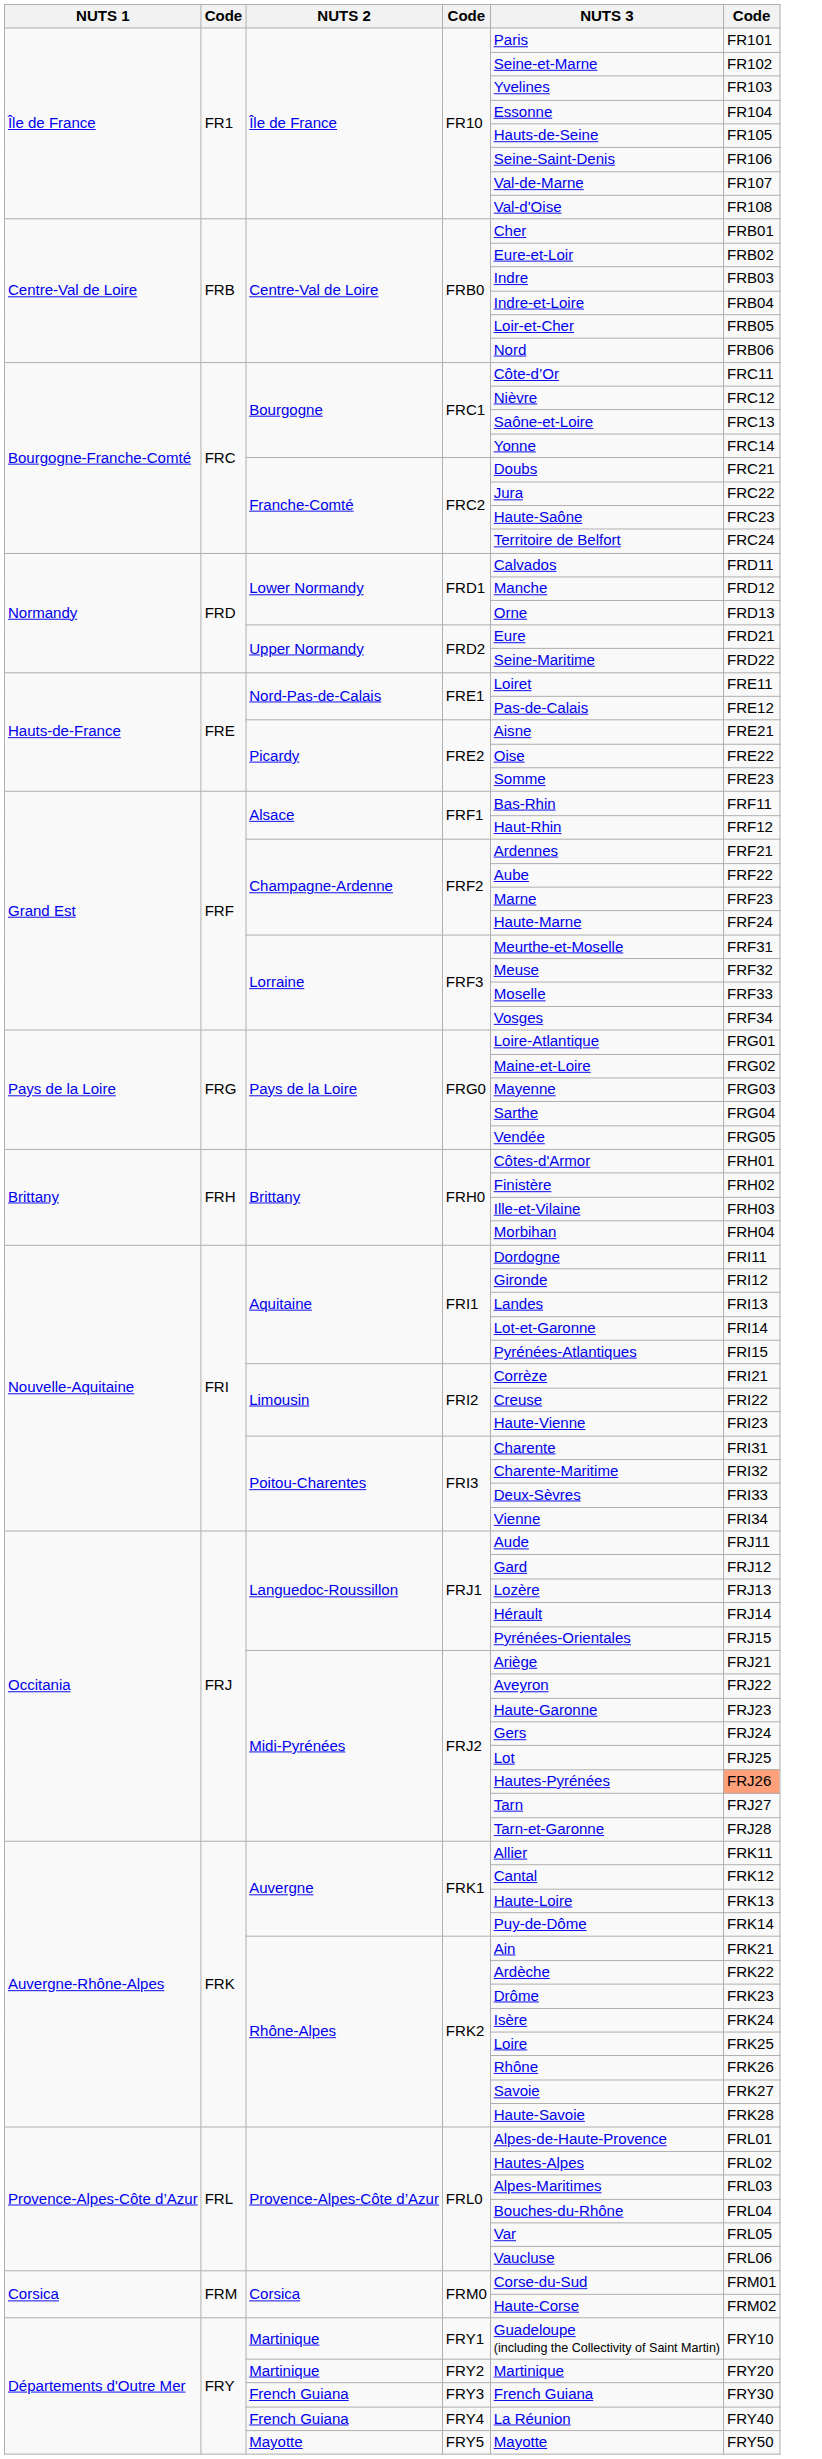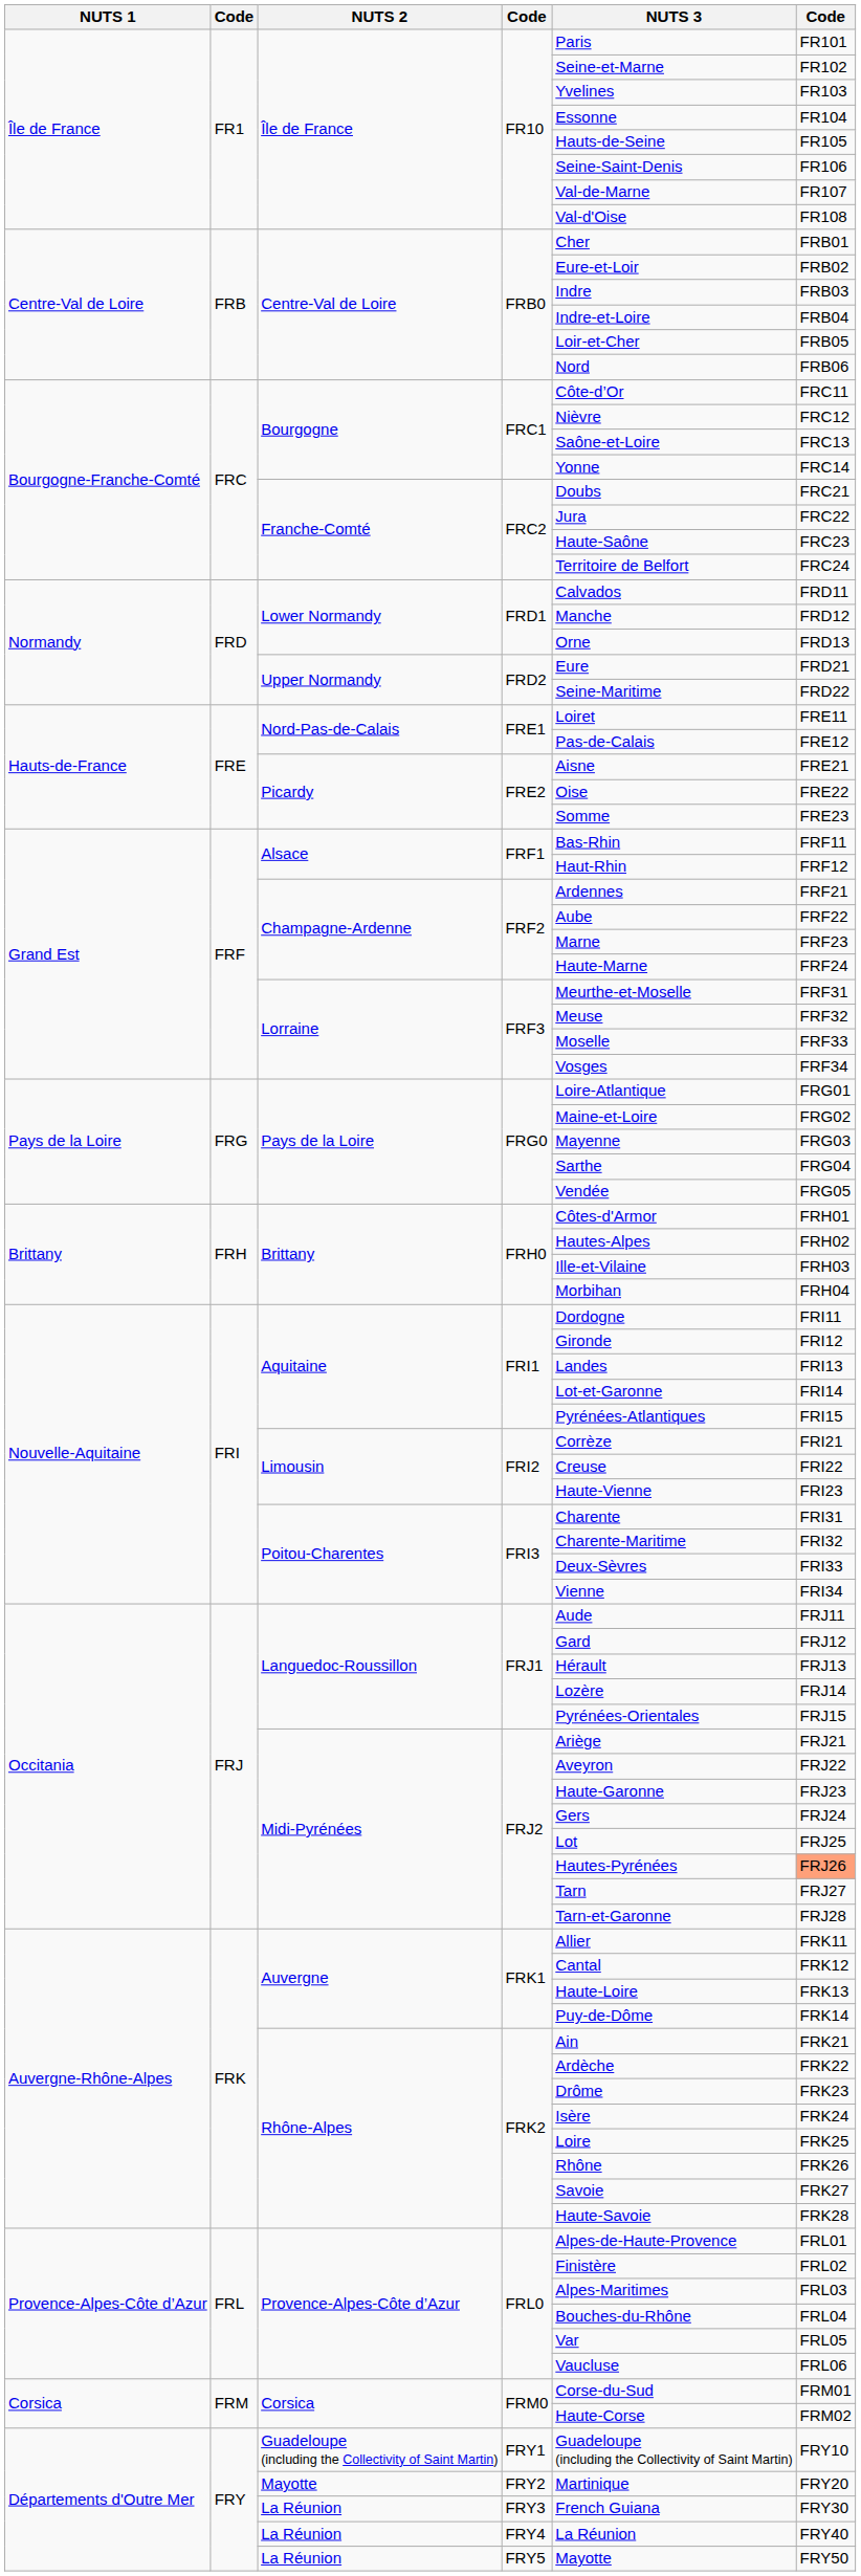 <table class="wikitable">
 <tr>
 <th>NUTS 1</th>
 <th>Code</th>
 <th>NUTS 2</th>
 <th>Code</th>
 <th>NUTS 3</th>
 <th>Code</th>
 </tr>
 <tr>
 <td rowspan=8><a href='#'>Île de France</a></td>
 <td rowspan=8>FR1</td>
 <td rowspan=8><a href='#'>Île de France</a></td>
 <td rowspan=8>FR10</td>
 <td><a href='#'>Paris</a></td>
 <td>FR101</td>
 </tr>
 <tr>
 <td><a href='#'>Seine-et-Marne</a></td>
 <td>FR102</td>
 </tr>
 <tr>
 <td><a href='#'>Yvelines</a></td>
 <td>FR103</td>
 </tr>
 <tr>
 <td><a href='#'>Essonne</a></td>
 <td>FR104</td>
 </tr>
 <tr>
 <td><a href='#'>Hauts-de-Seine</a></td>
 <td>FR105</td>
 </tr>
 <tr>
 <td><a href='#'>Seine-Saint-Denis</a></td>
 <td>FR106</td>
 </tr>
 <tr>
 <td><a href='#'>Val-de-Marne</a></td>
 <td>FR107</td>
 </tr>
 <tr>
 <td><a href='#'>Val-d'Oise</a></td>
 <td>FR108</td>
 </tr>
 <tr>
 <td rowspan=6><a href='#'>Centre-Val de Loire</a></td>
 <td rowspan=6>FRB</td>
 <td rowspan=6><a href='#'>Centre-Val de Loire</a></td>
 <td rowspan=6>FRB0</td>
 <td><a href='#'>Cher</a></td>
 <td>FRB01</td>
 </tr>
 <tr>
 <td><a href='#'>Eure-et-Loir</a></td>
 <td>FRB02</td>
 </tr>
 <tr>
 <td><a href='#'>Indre</a></td>
 <td>FRB03</td>
 </tr>
 <tr>
 <td><a href='#'>Indre-et-Loire</a></td>
 <td>FRB04</td>
 </tr>
 <tr>
 <td><a href='#'>Loir-et-Cher</a></td>
 <td>FRB05</td>
 </tr>
 <tr>
 <td><a href='#'>Nord</a></td>
 <td>FRB06</td>
 </tr>
 <tr>
 <td rowspan=8><a href='#'>Bourgogne-Franche-Comté</a></td>
 <td rowspan=8>FRC</td>
 <td rowspan=4><a href='#'>Bourgogne</a></td>
 <td rowspan=4>FRC1</td>
 <td><a href='#'>Côte-d’Or</a></td>
 <td>FRC11</td>
 </tr>
 <tr>
 <td><a href='#'>Nièvre</a></td>
 <td>FRC12</td>
 </tr>
 <tr>
 <td><a href='#'>Saône-et-Loire</a></td>
 <td>FRC13</td>
 </tr>
 <tr>
 <td><a href='#'>Yonne</a></td>
 <td>FRC14</td>
 </tr>
 <tr>
 <td rowspan=4><a href='#'>Franche-Comté</a></td>
 <td rowspan=4>FRC2</td>
 <td><a href='#'>Doubs</a></td>
 <td>FRC21</td>
 </tr>
 <tr>
 <td><a href='#'>Jura</a></td>
 <td>FRC22</td>
 </tr>
 <tr>
 <td><a href='#'>Haute-Saône</a></td>
 <td>FRC23</td>
 </tr>
 <tr>
 <td><a href='#'>Territoire de Belfort</a></td>
 <td>FRC24</td>
 </tr>
 <tr>
 <td rowspan=5><a href='#'>Normandy</a></td>
 <td rowspan=5>FRD</td>
 <td rowspan=3><a href='#'>Lower Normandy</a></td>
 <td rowspan=3>FRD1</td>
 <td><a href='#'>Calvados</a></td>
 <td>FRD11</td>
 </tr>
 <tr>
 <td><a href='#'>Manche</a></td>
 <td>FRD12</td>
 </tr>
 <tr>
 <td><a href='#'>Orne</a></td>
 <td>FRD13</td>
 </tr>
 <tr>
 <td rowspan=2><a href='#'>Upper Normandy</a></td>
 <td rowspan=2>FRD2</td>
 <td><a href='#'>Eure</a></td>
 <td>FRD21</td>
 </tr>
 <tr>
 <td><a href='#'>Seine-Maritime</a></td>
 <td>FRD22</td>
 </tr>
 <tr>
 <td rowspan=5><a href='#'>Hauts-de-France</a></td>
 <td rowspan=5>FRE</td>
 <td rowspan=2><a href='#'>Nord-Pas-de-Calais</a></td>
 <td rowspan=2>FRE1</td>
 <td><a href='#'>Loiret</a></td>
 <td>FRE11</td>
 </tr>
 <tr>
 <td><a href='#'>Pas-de-Calais</a></td>
 <td>FRE12</td>
 </tr>
 <tr>
 <td rowspan=3><a href='#'>Picardy</a></td>
 <td rowspan=3>FRE2</td>
 <td><a href='#'>Aisne</a></td>
 <td>FRE21</td>
 </tr>
 <tr>
 <td><a href='#'>Oise</a></td>
 <td>FRE22</td>
 </tr>
 <tr>
 <td><a href='#'>Somme</a></td>
 <td>FRE23</td>
 </tr>
 <tr>
 <td rowspan=10><a href='#'>Grand Est</a></td>
 <td rowspan=10>FRF</td>
 <td rowspan=2><a href='#'>Alsace</a></td>
 <td rowspan=2>FRF1</td>
 <td><a href='#'>Bas-Rhin</a></td>
 <td>FRF11</td>
 </tr>
 <tr>
 <td><a href='#'>Haut-Rhin</a></td>
 <td>FRF12</td>
 </tr>
 <tr>
 <td rowspan=4><a href='#'>Champagne-Ardenne</a></td>
 <td rowspan=4>FRF2</td>
 <td><a href='#'>Ardennes</a></td>
 <td>FRF21</td>
 </tr>
 <tr>
 <td><a href='#'>Aube</a></td>
 <td>FRF22</td>
 </tr>
 <tr>
 <td><a href='#'>Marne</a></td>
 <td>FRF23</td>
 </tr>
 <tr>
 <td><a href='#'>Haute-Marne</a></td>
 <td>FRF24</td>
 </tr>
 <tr>
 <td rowspan=4><a href='#'>Lorraine</a></td>
 <td rowspan=4>FRF3</td>
 <td><a href='#'>Meurthe-et-Moselle</a></td>
 <td>FRF31</td>
 </tr>
 <tr>
 <td><a href='#'>Meuse</a></td>
 <td>FRF32</td>
 </tr>
 <tr>
 <td><a href='#'>Moselle</a></td>
 <td>FRF33</td>
 </tr>
 <tr>
 <td><a href='#'>Vosges</a></td>
 <td>FRF34</td>
 </tr>
 <tr>
 <td rowspan=5><a href='#'>Pays de la Loire</a></td>
 <td rowspan=5>FRG</td>
 <td rowspan=5><a href='#'>Pays de la Loire</a></td>
 <td rowspan=5>FRG0</td>
 <td><a href='#'>Loire-Atlantique</a></td>
 <td>FRG01</td>
 </tr>
 <tr>
 <td><a href='#'>Maine-et-Loire</a></td>
 <td>FRG02</td>
 </tr>
 <tr>
 <td><a href='#'>Mayenne</a></td>
 <td>FRG03</td>
 </tr>
 <tr>
 <td><a href='#'>Sarthe</a></td>
 <td>FRG04</td>
 </tr>
 <tr>
 <td><a href='#'>Vendée</a></td>
 <td>FRG05</td>
 </tr>
 <tr>
 <td rowspan=4><a href='#'>Brittany</a></td>
 <td rowspan=4>FRH</td>
 <td rowspan=4><a href='#'>Brittany</a></td>
 <td rowspan=4>FRH0</td>
 <td><a href='#'>Côtes-d'Armor</a></td>
 <td>FRH01</td>
 </tr>
 <tr>
-<td><a href='#'>Finistère</a></td>
+<td><a href='#'>Hautes-Alpes</a></td>
 <td>FRH02</td>
 </tr>
 <tr>
 <td><a href='#'>Ille-et-Vilaine</a></td>
 <td>FRH03</td>
 </tr>
 <tr>
 <td><a href='#'>Morbihan</a></td>
 <td>FRH04</td>
 </tr>
 <tr>
 <td rowspan=12><a href='#'>Nouvelle-Aquitaine</a></td>
 <td rowspan=12>FRI</td>
 <td rowspan=5><a href='#'>Aquitaine</a></td>
 <td rowspan=5>FRI1</td>
 <td><a href='#'>Dordogne</a></td>
 <td>FRI11</td>
 </tr>
 <tr>
 <td><a href='#'>Gironde</a></td>
 <td>FRI12</td>
 </tr>
 <tr>
 <td><a href='#'>Landes</a></td>
 <td>FRI13</td>
 </tr>
 <tr>
 <td><a href='#'>Lot-et-Garonne</a></td>
 <td>FRI14</td>
 </tr>
 <tr>
 <td><a href='#'>Pyrénées-Atlantiques</a></td>
 <td>FRI15</td>
 </tr>
 <tr>
 <td rowspan=3><a href='#'>Limousin</a></td>
 <td rowspan=3>FRI2</td>
 <td><a href='#'>Corrèze</a></td>
 <td>FRI21</td>
 </tr>
 <tr>
 <td><a href='#'>Creuse</a></td>
 <td>FRI22</td>
 </tr>
 <tr>
 <td><a href='#'>Haute-Vienne</a></td>
 <td>FRI23</td>
 </tr>
 <tr>
 <td rowspan=4><a href='#'>Poitou-Charentes</a></td>
 <td rowspan=4>FRI3</td>
 <td><a href='#'>Charente</a></td>
 <td>FRI31</td>
 </tr>
 <tr>
 <td><a href='#'>Charente-Maritime</a></td>
 <td>FRI32</td>
 </tr>
 <tr>
 <td><a href='#'>Deux-Sèvres</a></td>
 <td>FRI33</td>
 </tr>
 <tr>
 <td><a href='#'>Vienne</a></td>
 <td>FRI34</td>
 </tr>
 <tr>
 <td rowspan=13><a href='#'>Occitania</a></td>
 <td rowspan=13>FRJ</td>
 <td rowspan=5><a href='#'>Languedoc-Roussillon</a></td>
 <td rowspan=5>FRJ1</td>
 <td><a href='#'>Aude</a></td>
 <td>FRJ11</td>
 </tr>
 <tr>
 <td><a href='#'>Gard</a></td>
 <td>FRJ12</td>
 </tr>
 <tr>
-<td><a href='#'>Lozère</a></td>
+<td><a href='#'>Hérault</a></td>
 <td>FRJ13</td>
 </tr>
 <tr>
-<td><a href='#'>Hérault</a></td>
+<td><a href='#'>Lozère</a></td>
 <td>FRJ14</td>
 </tr>
 <tr>
 <td><a href='#'>Pyrénées-Orientales</a></td>
 <td>FRJ15</td>
 </tr>
 <tr>
 <td rowspan=8><a href='#'>Midi-Pyrénées</a></td>
 <td rowspan=8>FRJ2</td>
 <td><a href='#'>Ariège</a></td>
 <td>FRJ21</td>
 </tr>
 <tr>
 <td><a href='#'>Aveyron</a></td>
 <td>FRJ22</td>
 </tr>
 <tr>
 <td><a href='#'>Haute-Garonne</a></td>
 <td>FRJ23</td>
 </tr>
 <tr>
 <td><a href='#'>Gers</a></td>
 <td>FRJ24</td>
 </tr>
 <tr>
 <td><a href='#'>Lot</a></td>
 <td>FRJ25</td>
 </tr>
 <tr>
 <td><a href='#'>Hautes-Pyrénées</a></td>
 <td style="background: lightsalmon;">FRJ26</td>
 </tr>
 <tr>
 <td><a href='#'>Tarn</a></td>
 <td>FRJ27</td>
 </tr>
 <tr>
 <td><a href='#'>Tarn-et-Garonne</a></td>
 <td>FRJ28</td>
 </tr>
 <tr>
 <td rowspan=12><a href='#'>Auvergne-Rhône-Alpes</a></td>
 <td rowspan=12>FRK</td>
 <td rowspan=4><a href='#'>Auvergne</a></td>
 <td rowspan=4>FRK1</td>
 <td><a href='#'>Allier</a></td>
 <td>FRK11</td>
 </tr>
 <tr>
 <td><a href='#'>Cantal</a></td>
 <td>FRK12</td>
 </tr>
 <tr>
 <td><a href='#'>Haute-Loire</a></td>
 <td>FRK13</td>
 </tr>
 <tr>
 <td><a href='#'>Puy-de-Dôme</a></td>
 <td>FRK14</td>
 </tr>
 <tr>
 <td rowspan=8><a href='#'>Rhône-Alpes</a></td>
 <td rowspan=8>FRK2</td>
 <td><a href='#'>Ain</a></td>
 <td>FRK21</td>
 </tr>
 <tr>
 <td><a href='#'>Ardèche</a></td>
 <td>FRK22</td>
 </tr>
 <tr>
 <td><a href='#'>Drôme</a></td>
 <td>FRK23</td>
 </tr>
 <tr>
 <td><a href='#'>Isère</a></td>
 <td>FRK24</td>
 </tr>
 <tr>
 <td><a href='#'>Loire</a></td>
 <td>FRK25</td>
 </tr>
 <tr>
 <td><a href='#'>Rhône</a></td>
 <td>FRK26</td>
 </tr>
 <tr>
 <td><a href='#'>Savoie</a></td>
 <td>FRK27</td>
 </tr>
 <tr>
 <td><a href='#'>Haute-Savoie</a></td>
 <td>FRK28</td>
 </tr>
 <tr>
 <td rowspan=6><a href='#'>Provence-Alpes-Côte d’Azur</a></td>
 <td rowspan=6>FRL</td>
 <td rowspan=6><a href='#'>Provence-Alpes-Côte d’Azur</a></td>
 <td rowspan=6>FRL0</td>
 <td><a href='#'>Alpes-de-Haute-Provence</a></td>
 <td>FRL01</td>
 </tr>
 <tr>
-<td><a href='#'>Hautes-Alpes</a></td>
+<td><a href='#'>Finistère</a></td>
 <td>FRL02</td>
 </tr>
 <tr>
 <td><a href='#'>Alpes-Maritimes</a></td>
 <td>FRL03</td>
 </tr>
 <tr>
 <td><a href='#'>Bouches-du-Rhône</a></td>
 <td>FRL04</td>
 </tr>
 <tr>
 <td><a href='#'>Var</a></td>
 <td>FRL05</td>
 </tr>
 <tr>
 <td><a href='#'>Vaucluse</a></td>
 <td>FRL06</td>
 </tr>
 <tr>
 <td rowspan=2><a href='#'>Corsica</a></td>
 <td rowspan=2>FRM</td>
 <td rowspan=2><a href='#'>Corsica</a></td>
 <td rowspan=2>FRM0</td>
 <td><a href='#'>Corse-du-Sud</a></td>
 <td>FRM01</td>
 </tr>
 <tr>
 <td><a href='#'>Haute-Corse</a></td>
 <td>FRM02</td>
 </tr>
 <tr>
 <td rowspan=5><a href='#'>Départements d'Outre Mer</a></td>
 <td rowspan=5>FRY</td>
-<td><a href='#'>Martinique</a></td>
+<td><a href='#'>Guadeloupe</a><br><small>(including the <a href='#'>Collectivity of Saint Martin</a>)</small></td>
 <td>FRY1</td>
 <td><a href='#'>Guadeloupe</a> <br><small>(including the Collectivity of Saint Martin)</small></td>
 <td>FRY10</td>
 </tr>
 <tr>
-<td><a href='#'>Martinique</a></td>
+<td><a href='#'>Mayotte</a></td>
 <td>FRY2</td>
 <td><a href='#'>Martinique</a></td>
 <td>FRY20</td>
 </tr>
 <tr>
-<td><a href='#'>French Guiana</a></td>
+<td><a href='#'>La Réunion</a></td>
 <td>FRY3</td>
 <td><a href='#'>French Guiana</a></td>
 <td>FRY30</td>
 </tr>
 <tr>
-<td><a href='#'>French Guiana</a></td>
+<td><a href='#'>La Réunion</a></td>
 <td>FRY4</td>
 <td><a href='#'>La Réunion</a></td>
 <td>FRY40</td>
 </tr>
 <tr>
-<td><a href='#'>Mayotte</a></td>
+<td><a href='#'>La Réunion</a></td>
 <td>FRY5</td>
 <td><a href='#'>Mayotte</a></td>
 <td>FRY50</td>
 </tr>
 </table>
